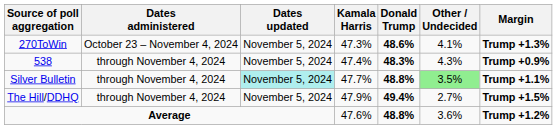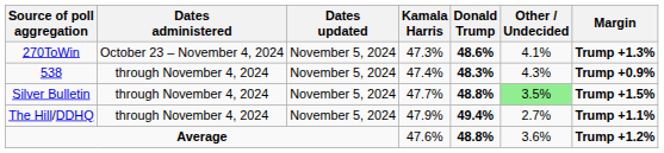 <table class="wikitable sortable" style="text-align:center;font-size:90%;line-height:17px">
 <tr>
 <th>Source of poll<br>aggregation</th>
 <th>Dates<br>administered</th>
 <th>Dates<br>updated</th>
 <th class="unsortable">Kamala<br>Harris<br><small></small></th>
 <th class="unsortable">Donald<br>Trump<br><small></small></th>
 <th>Other /<br>Undecided<br></th>
 <th>Margin</th>
 </tr>
 <tr>
 <td><a href='#'>270ToWin</a></td>
 <td>October 23 – November 4, 2024</td>
 <td>November 5, 2024</td>
 <td>47.3%</td>
 <td style="background-color:"><strong>48.6%</strong></td>
 <td>4.1%</td>
 <td style="background-color:"><strong>Trump +1.3%</strong></td>
 </tr>
 <tr>
 <td><a href='#'>538</a></td>
 <td>through November 4, 2024</td>
 <td>November 5, 2024</td>
 <td>47.4%</td>
 <td style="background-color:"><strong>48.3%</strong></td>
 <td>4.3%</td>
 <td style="background-color:"><strong>Trump +0.9%</strong></td>
 </tr>
 <tr>
 <td><a href='#'>Silver Bulletin</a></td>
 <td>through November 4, 2024</td>
-<td style="background: paleturquoise;">November 5, 2024</td>
+<td>November 5, 2024</td>
 <td>47.7%</td>
 <td style="background-color:"><strong>48.8%</strong></td>
 <td style="background: lightgreen;">3.5%</td>
-<td style="background-color:"><strong>Trump +1.1%</strong></td>
+<td style="background-color:"><strong>Trump +1.5%</strong></td>
 </tr>
 <tr>
 <td><a href='#'>The Hill</a>/<a href='#'>DDHQ</a></td>
 <td>through November 4, 2024</td>
 <td>November 5, 2024</td>
 <td>47.9%</td>
 <td style="background-color:"><strong>49.4%</strong></td>
 <td>2.7%</td>
-<td style="background-color:"><strong>Trump +1.5%</strong></td>
+<td style="background-color:"><strong>Trump +1.1%</strong></td>
 </tr>
 <tr>
 <td colspan="3"><strong>Average</strong></td>
 <td>47.6%</td>
 <td style="background-color:"><strong>48.8%</strong></td>
 <td>3.6%</td>
 <td style="background-color:"><strong>Trump +1.2%</strong></td>
 </tr>
 </table>
